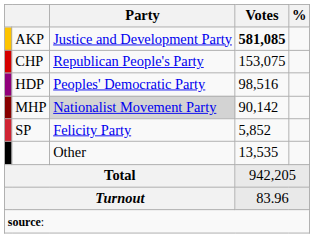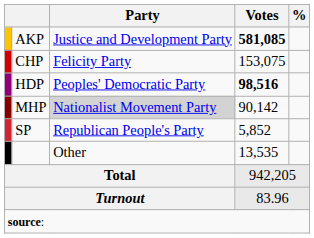 <table class="wikitable">
 <tr>
 <th colspan="2" align="center"></th>
 <th align="center">Party</th>
 <th align="center">Votes</th>
 <th align="center">%</th>
 </tr>
 <tr align="left">
 <td bgcolor="#FDC400" width="1"></td>
 <td>AKP</td>
 <td><a href='#'>Justice and Development Party</a></td>
 <td><strong>581,085</strong></td>
 <td><strong></strong></td>
 </tr>
 <tr align="left">
 <td bgcolor="#d50000" width="1"></td>
 <td>CHP</td>
-<td><a href='#'>Republican People's Party</a></td>
+<td><a href='#'>Felicity Party</a></td>
 <td>153,075</td>
 <td></td>
 </tr>
 <tr align="left">
 <td bgcolor="#91007B" width="1"></td>
 <td>HDP</td>
 <td><a href='#'>Peoples' Democratic Party</a></td>
-<td>98,516</td>
+<td><strong>98,516</strong></td>
 <td></td>
 </tr>
 <tr align="left">
 <td bgcolor="#870000" width="1"></td>
 <td>MHP</td>
 <td style="background: lightgrey;"><a href='#'>Nationalist Movement Party</a></td>
 <td>90,142</td>
 <td></td>
 </tr>
 <tr align="left">
 <td bgcolor="#D02433" width="1"></td>
 <td>SP</td>
-<td><a href='#'>Felicity Party</a></td>
+<td><a href='#'>Republican People's Party</a></td>
 <td>5,852</td>
 <td></td>
 </tr>
 <tr align="left">
 <td bgcolor=" " width="1"></td>
 <td></td>
 <td>Other</td>
 <td>13,535</td>
 <td></td>
 </tr>
 <tr align="left" style="background-color:#E9E9E9">
 <th colspan="3" align="center"><strong>Total</strong></th>
 <td colspan="5" align="center">942,205</td>
 </tr>
 <tr align="left" style="background-color:#E9E9E9">
 <th colspan="3" align="center"><em>Turnout</em></th>
 <td colspan="5" align="center">83.96</td>
 </tr>
 <tr>
 <td colspan="9" align="left"><small><strong>source</strong>: </small></td>
 </tr>
 </table>
